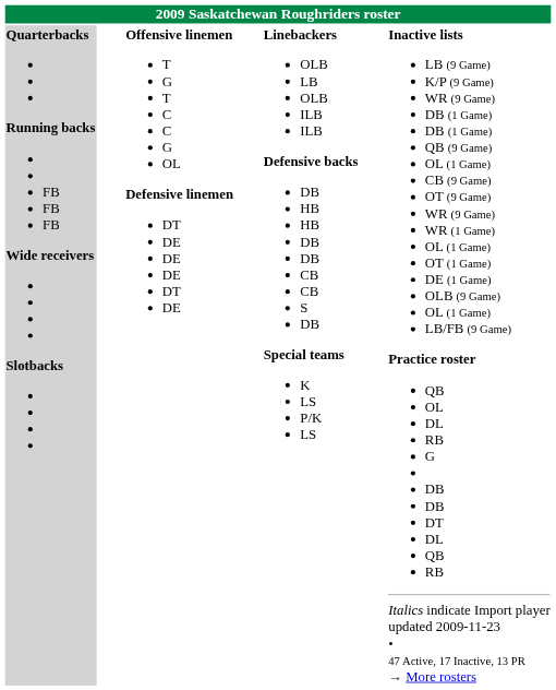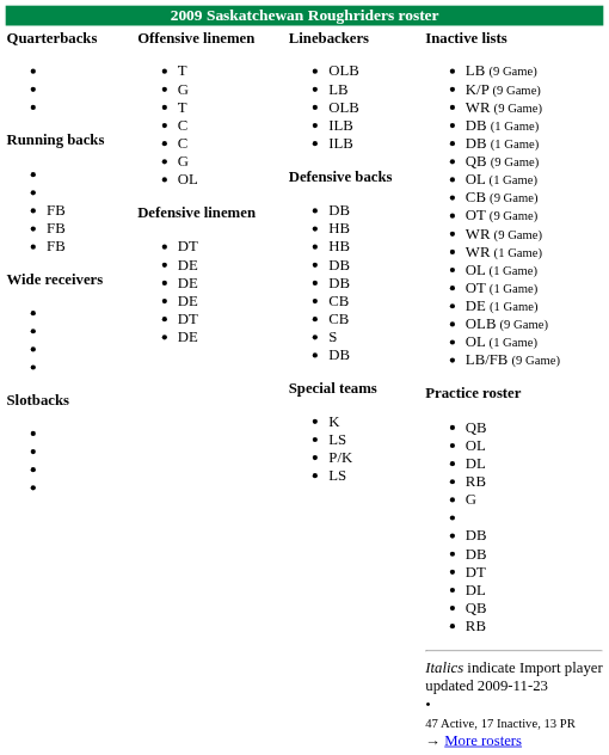 <table class="toccolours" style="text-align: left;">
 <tr>
 <th colspan="7" style="background-color: #008748; color:white; text-align: center"><strong>2009 Saskatchewan Roughriders roster</strong></th>
 </tr>
 <tr>
-<td style="background: lightgrey; font-size: 95%;" valign="top"><strong>Quarterbacks</strong><br><ul><li></li><li></li><li></li></ul><strong>Running backs</strong><ul><li></li><li></li><li> FB</li><li> FB</li><li> FB</li></ul><strong>Wide receivers</strong><ul><li></li><li></li><li></li><li></li></ul><strong>Slotbacks</strong><ul><li></li><li></li><li></li><li></li></ul></td>
+<td style="font-size: 95%;" valign="top"><strong>Quarterbacks</strong><br><ul><li></li><li></li><li></li></ul><strong>Running backs</strong><ul><li></li><li></li><li> FB</li><li> FB</li><li> FB</li></ul><strong>Wide receivers</strong><ul><li></li><li></li><li></li><li></li></ul><strong>Slotbacks</strong><ul><li></li><li></li><li></li><li></li></ul></td>
 <td style="width: 25px;"></td>
 <td style="font-size: 95%;" valign="top"><strong>Offensive linemen</strong><br><ul><li> T</li><li> G</li><li> T</li><li> C</li><li> C</li><li> G</li><li> OL</li></ul><strong>Defensive linemen</strong><ul><li> DT</li><li> DE</li><li> DE</li><li> DE</li><li> DT</li><li> DE</li></ul></td>
 <td style="width: 25px;"></td>
 <td style="font-size: 95%;" valign="top"><strong>Linebackers</strong><br><ul><li> OLB</li><li> LB</li><li> OLB</li><li> ILB</li><li> ILB</li></ul><strong>Defensive backs</strong><ul><li> DB</li><li> HB</li><li> HB</li><li> DB</li><li> DB</li><li> CB</li><li> CB</li><li> S</li><li> DB</li></ul><strong>Special teams</strong><ul><li> K</li><li> LS</li><li> P/K</li><li> LS</li></ul></td>
 <td style="width: 25px;"></td>
 <td style="font-size: 95%;" valign="top"><strong>Inactive lists</strong><br><ul><li> LB  <small>(9 Game)</small></li><li> K/P  <small>(9 Game)</small></li><li> WR  <small>(9 Game)</small></li><li> DB  <small>(1 Game)</small></li><li> DB  <small>(1 Game)</small></li><li> QB  <small>(9 Game)</small></li><li> OL  <small>(1 Game)</small></li><li> CB  <small>(9 Game)</small></li><li> OT  <small>(9 Game)</small></li><li> WR  <small>(9 Game)</small></li><li> WR  <small>(1 Game)</small></li><li> OL  <small>(1 Game)</small></li><li> OT  <small>(1 Game)</small></li><li> DE  <small>(1 Game)</small></li><li> OLB  <small>(9 Game)</small></li><li> OL  <small>(1 Game)</small></li><li> LB/FB  <small>(9 Game)</small></li></ul><strong>Practice roster</strong><ul><li> QB</li><li> OL</li><li> DL</li><li> RB</li><li> G</li><li></li><li> DB</li><li> DB</li><li> DT</li><li> DL</li><li> QB</li><li> RB</li></ul><hr> <em>Italics</em> indicate Import player<br> <span></span> updated 2009-11-23<br> <span></span> • <span></span><br> <small>47 Active, 17 Inactive, 13 PR</small><br>→ <a href='#'>More rosters</a></td>
 </tr>
 <tr>
 </tr>
 </table>
